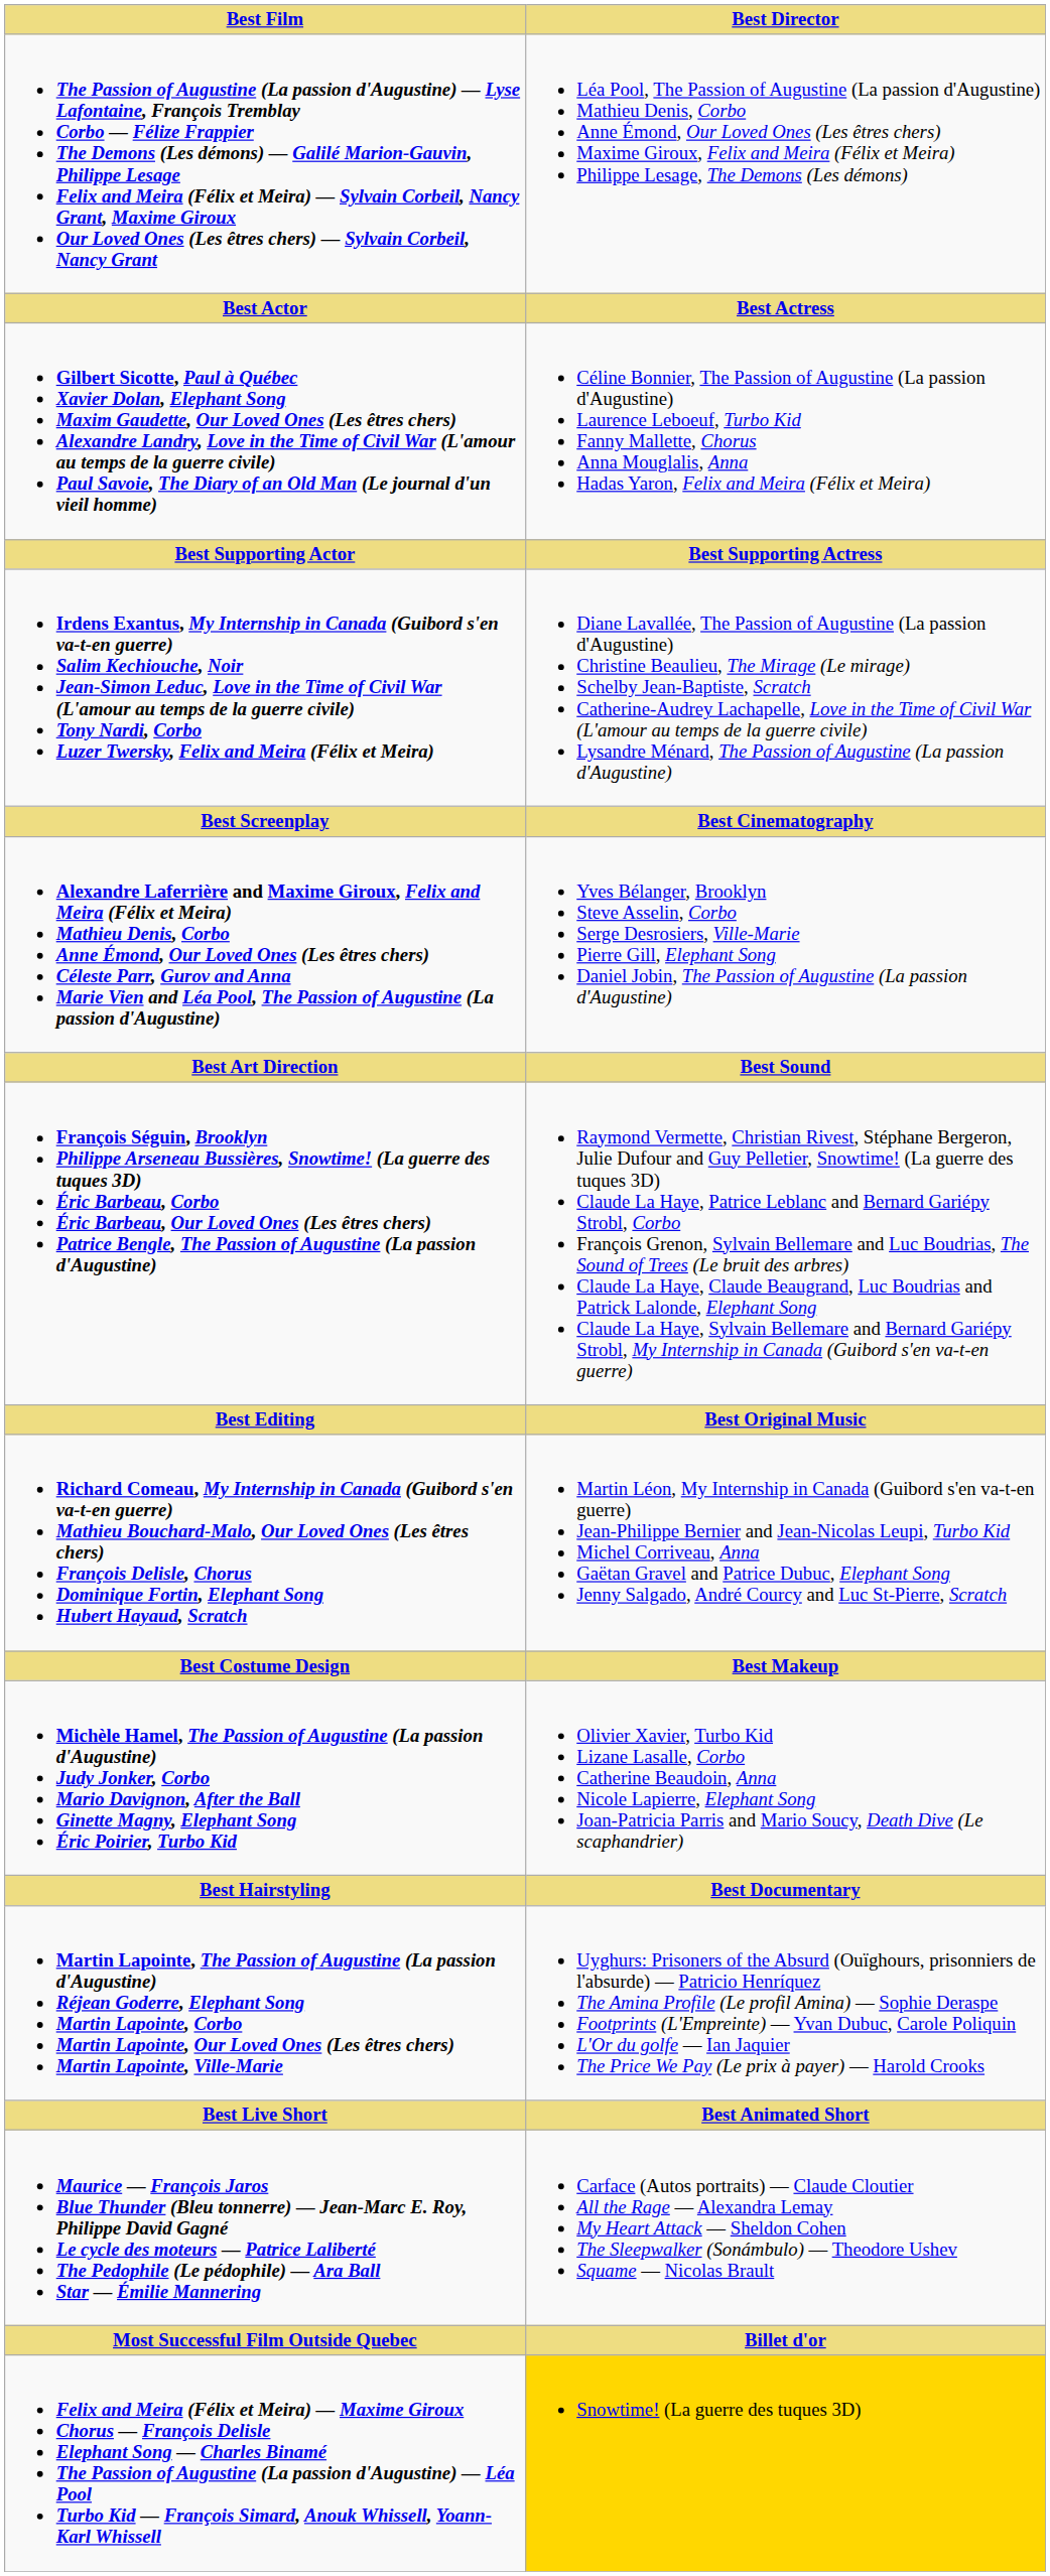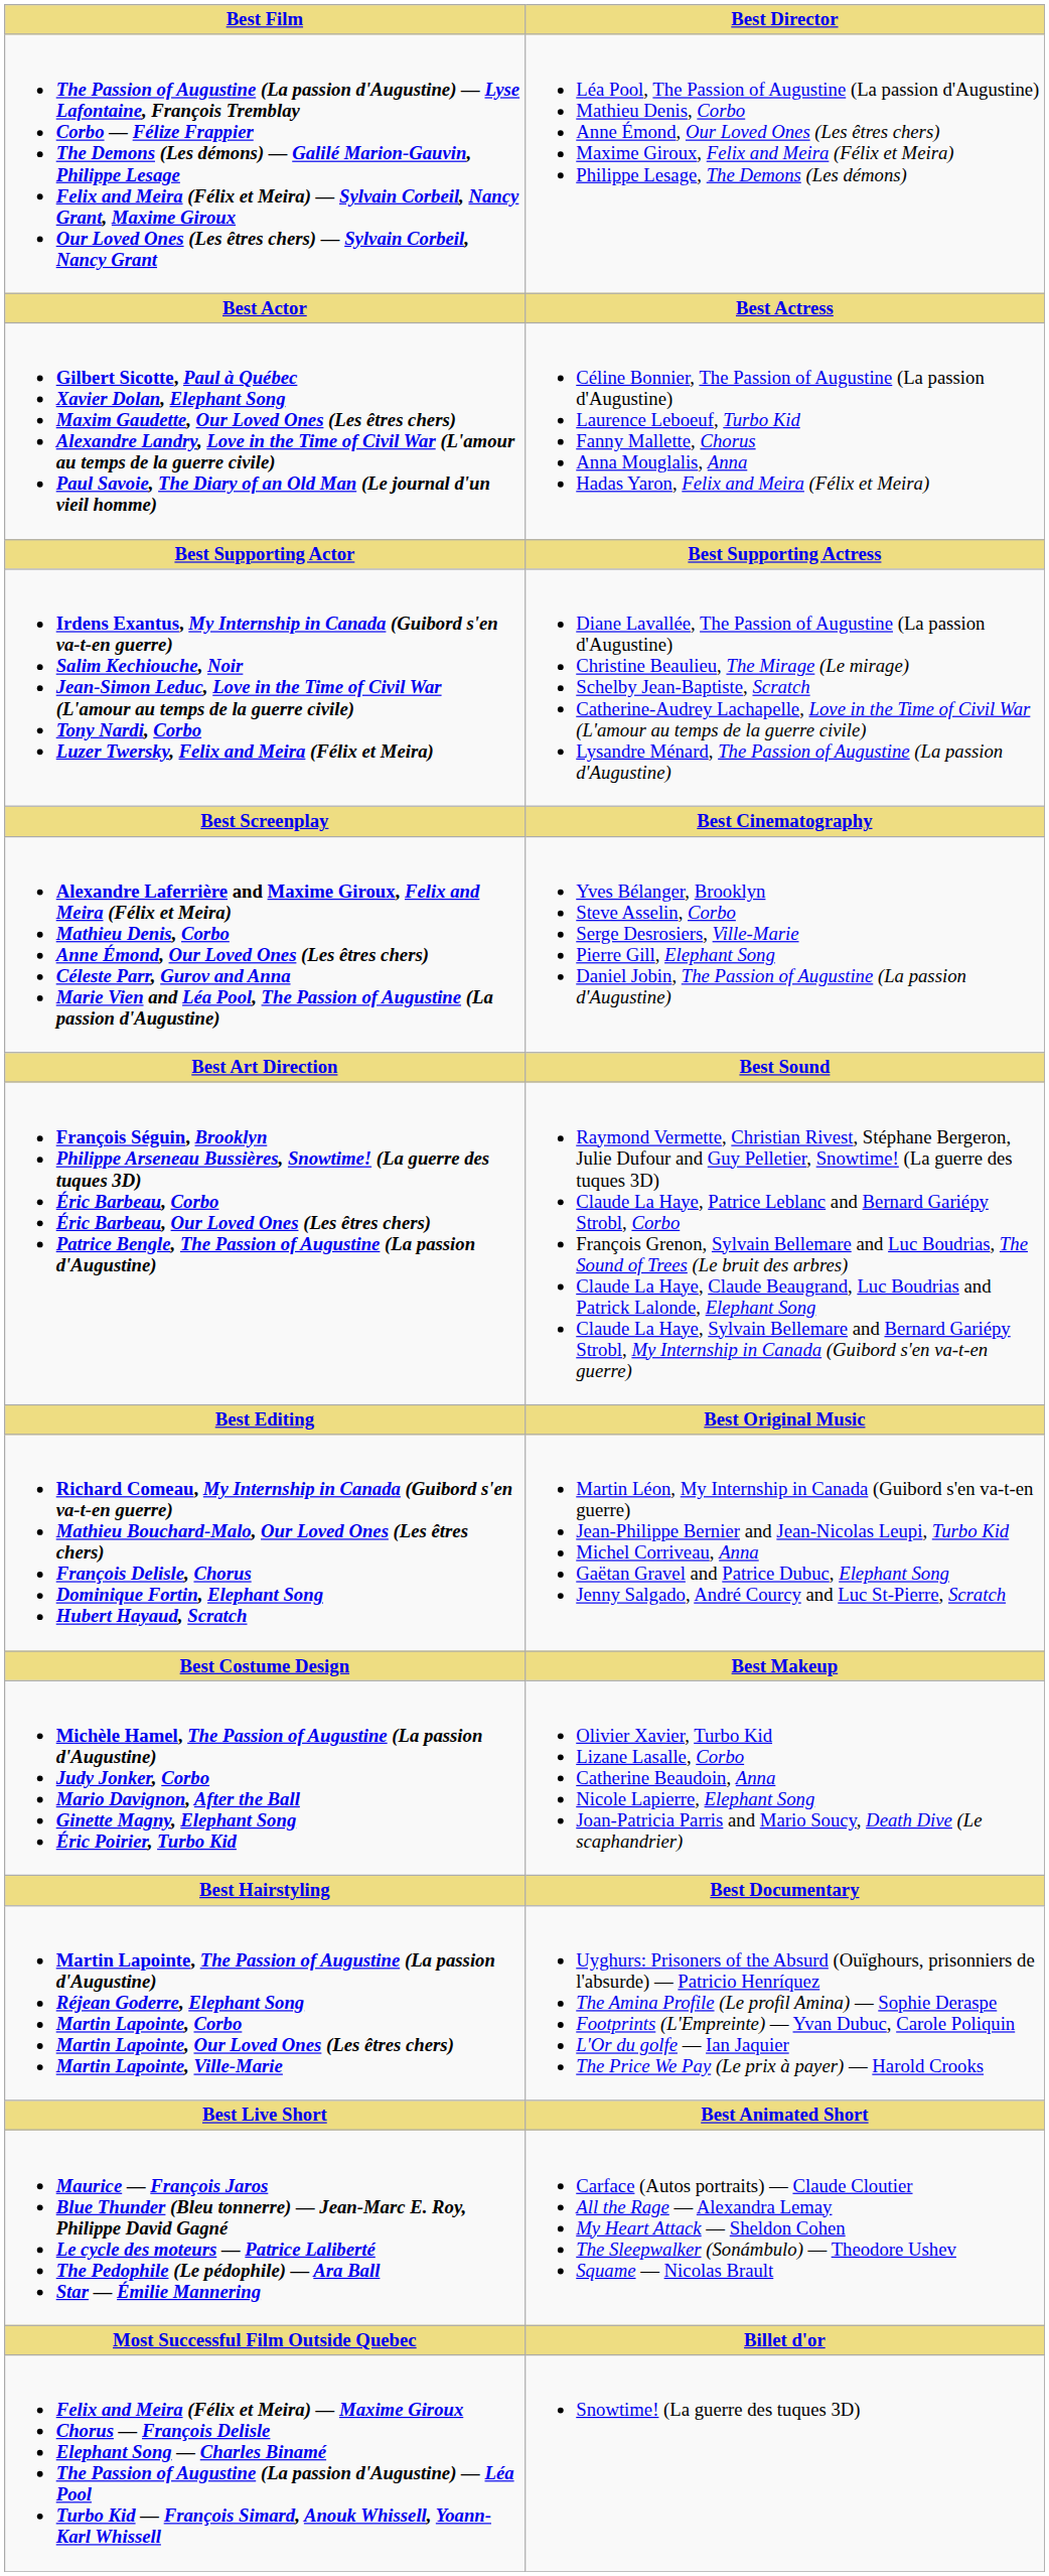 <table class=wikitable width="100%">
 <tr>
 <th style="background:#EEDD82; width:50%"><a href='#'>Best Film</a></th>
 <th style="background:#EEDD82; width:50%"><a href='#'>Best Director</a></th>
 </tr>
 <tr>
 <td valign="top"><br><ul><li> <strong><em><a href='#'>The Passion of Augustine</a> (La passion d'Augustine)<em> — <a href='#'>Lyse Lafontaine</a>, François Tremblay<strong></li><li></em><a href='#'>Corbo</a><em> — <a href='#'>Félize Frappier</a></li><li></em><a href='#'>The Demons</a> (Les démons)<em> — <a href='#'>Galilé Marion-Gauvin</a>, <a href='#'>Philippe Lesage</a></li><li></em><a href='#'>Felix and Meira</a> (Félix et Meira)<em> — <a href='#'>Sylvain Corbeil</a>, <a href='#'>Nancy Grant</a>, <a href='#'>Maxime Giroux</a></li><li></em><a href='#'>Our Loved Ones</a> (Les êtres chers)<em> — <a href='#'>Sylvain Corbeil</a>, <a href='#'>Nancy Grant</a></li></ul></td>
 <td valign="top"><br><ul><li> </strong><a href='#'>Léa Pool</a>, </em><a href='#'>The Passion of Augustine</a> (La passion d'Augustine)</em></strong></li><li><a href='#'>Mathieu Denis</a>, <em><a href='#'>Corbo</a></em></li><li><a href='#'>Anne Émond</a>, <em><a href='#'>Our Loved Ones</a> (Les êtres chers)</em></li><li><a href='#'>Maxime Giroux</a>, <em><a href='#'>Felix and Meira</a> (Félix et Meira)</em></li><li><a href='#'>Philippe Lesage</a>, <em><a href='#'>The Demons</a> (Les démons)</em></li></ul></td>
 </tr>
 <tr>
 <th style="background:#EEDD82; width:50%"><a href='#'>Best Actor</a></th>
 <th style="background:#EEDD82; width:50%"><a href='#'>Best Actress</a></th>
 </tr>
 <tr>
 <td valign="top"><br><ul><li> <strong><a href='#'>Gilbert Sicotte</a>, <em><a href='#'>Paul à Québec</a><strong><em></li><li><a href='#'>Xavier Dolan</a>, </em><a href='#'>Elephant Song</a><em></li><li><a href='#'>Maxim Gaudette</a>, </em><a href='#'>Our Loved Ones</a> (Les êtres chers)<em></li><li><a href='#'>Alexandre Landry</a>, </em><a href='#'>Love in the Time of Civil War</a> (L'amour au temps de la guerre civile)<em></li><li><a href='#'>Paul Savoie</a>, </em><a href='#'>The Diary of an Old Man</a><em> (</em>Le journal d'un vieil homme<em>)</li></ul></td>
 <td valign="top"><br><ul><li> </strong><a href='#'>Céline Bonnier</a>, </em><a href='#'>The Passion of Augustine</a> (La passion d'Augustine)</em></strong></li><li><a href='#'>Laurence Leboeuf</a>, <em><a href='#'>Turbo Kid</a></em></li><li><a href='#'>Fanny Mallette</a>, <em><a href='#'>Chorus</a></em></li><li><a href='#'>Anna Mouglalis</a>, <em><a href='#'>Anna</a></em></li><li><a href='#'>Hadas Yaron</a>, <em><a href='#'>Felix and Meira</a> (Félix et Meira)</em></li></ul></td>
 </tr>
 <tr>
 <th style="background:#EEDD82; width:50%"><a href='#'>Best Supporting Actor</a></th>
 <th style="background:#EEDD82; width:50%"><a href='#'>Best Supporting Actress</a></th>
 </tr>
 <tr>
 <td valign="top"><br><ul><li> <strong><a href='#'>Irdens Exantus</a>, <em><a href='#'>My Internship in Canada</a> (Guibord s'en va-t-en guerre)<strong><em></li><li><a href='#'>Salim Kechiouche</a>, </em><a href='#'>Noir</a><em></li><li><a href='#'>Jean-Simon Leduc</a>, </em><a href='#'>Love in the Time of Civil War</a> (L'amour au temps de la guerre civile)<em></li><li><a href='#'>Tony Nardi</a>, </em><a href='#'>Corbo</a><em></li><li><a href='#'>Luzer Twersky</a>, </em><a href='#'>Felix and Meira</a> (Félix et Meira)<em></li></ul></td>
 <td valign="top"><br><ul><li> </strong><a href='#'>Diane Lavallée</a>, </em><a href='#'>The Passion of Augustine</a> (La passion d'Augustine)</em></strong></li><li><a href='#'>Christine Beaulieu</a>, <em><a href='#'>The Mirage</a> (Le mirage)</em></li><li><a href='#'>Schelby Jean-Baptiste</a>, <em><a href='#'>Scratch</a></em></li><li><a href='#'>Catherine-Audrey Lachapelle</a>, <em><a href='#'>Love in the Time of Civil War</a> (L'amour au temps de la guerre civile)</em></li><li><a href='#'>Lysandre Ménard</a>, <em><a href='#'>The Passion of Augustine</a> (La passion d'Augustine)</em></li></ul></td>
 </tr>
 <tr>
 <th style="background:#EEDD82; width:50%"><a href='#'>Best Screenplay</a></th>
 <th style="background:#EEDD82; width:50%"><a href='#'>Best Cinematography</a></th>
 </tr>
 <tr>
 <td valign="top"><br><ul><li> <strong><a href='#'>Alexandre Laferrière</a> and <a href='#'>Maxime Giroux</a>, <em><a href='#'>Felix and Meira</a> (Félix et Meira)<strong><em></li><li><a href='#'>Mathieu Denis</a>, </em><a href='#'>Corbo</a><em></li><li><a href='#'>Anne Émond</a>, </em><a href='#'>Our Loved Ones</a> (Les êtres chers)<em></li><li><a href='#'>Céleste Parr</a>, </em><a href='#'>Gurov and Anna</a><em></li><li><a href='#'>Marie Vien</a> and <a href='#'>Léa Pool</a>, </em><a href='#'>The Passion of Augustine</a> (La passion d'Augustine)<em></li></ul></td>
 <td valign="top"><br><ul><li> </strong><a href='#'>Yves Bélanger</a>, </em><a href='#'>Brooklyn</a></em></strong></li><li><a href='#'>Steve Asselin</a>, <em><a href='#'>Corbo</a></em></li><li><a href='#'>Serge Desrosiers</a>, <em><a href='#'>Ville-Marie</a></em></li><li><a href='#'>Pierre Gill</a>, <em><a href='#'>Elephant Song</a></em></li><li><a href='#'>Daniel Jobin</a>, <em><a href='#'>The Passion of Augustine</a> (La passion d'Augustine)</em></li></ul></td>
 </tr>
 <tr>
 <th style="background:#EEDD82; width:50%"><a href='#'>Best Art Direction</a></th>
 <th style="background:#EEDD82; width:50%"><a href='#'>Best Sound</a></th>
 </tr>
 <tr>
 <td valign="top"><br><ul><li> <strong><a href='#'>François Séguin</a>, <em><a href='#'>Brooklyn</a><strong><em></li><li><a href='#'>Philippe Arseneau Bussières</a>, </em><a href='#'>Snowtime!</a> (La guerre des tuques 3D)<em></li><li><a href='#'>Éric Barbeau</a>, </em><a href='#'>Corbo</a><em></li><li><a href='#'>Éric Barbeau</a>, </em><a href='#'>Our Loved Ones</a> (Les êtres chers)<em></li><li><a href='#'>Patrice Bengle</a>, </em><a href='#'>The Passion of Augustine</a> (La passion d'Augustine)<em></li></ul></td>
 <td valign="top"><br><ul><li> </strong><a href='#'>Raymond Vermette</a>, <a href='#'>Christian Rivest</a>, Stéphane Bergeron, Julie Dufour and <a href='#'>Guy Pelletier</a>, </em><a href='#'>Snowtime!</a> (La guerre des tuques 3D)</em></strong></li><li><a href='#'>Claude La Haye</a>, <a href='#'>Patrice Leblanc</a> and <a href='#'>Bernard Gariépy Strobl</a>, <em><a href='#'>Corbo</a></em></li><li>François Grenon, <a href='#'>Sylvain Bellemare</a> and <a href='#'>Luc Boudrias</a>, <em><a href='#'>The Sound of Trees</a> (Le bruit des arbres)</em></li><li><a href='#'>Claude La Haye</a>, <a href='#'>Claude Beaugrand</a>, <a href='#'>Luc Boudrias</a> and <a href='#'>Patrick Lalonde</a>, <em><a href='#'>Elephant Song</a></em></li><li><a href='#'>Claude La Haye</a>, <a href='#'>Sylvain Bellemare</a> and <a href='#'>Bernard Gariépy Strobl</a>, <em><a href='#'>My Internship in Canada</a> (Guibord s'en va-t-en guerre)</em></li></ul></td>
 </tr>
 <tr>
 <th style="background:#EEDD82; width:50%"><a href='#'>Best Editing</a></th>
 <th style="background:#EEDD82; width:50%"><a href='#'>Best Original Music</a></th>
 </tr>
 <tr>
 <td valign="top"><br><ul><li> <strong><a href='#'>Richard Comeau</a>, <em><a href='#'>My Internship in Canada</a> (Guibord s'en va-t-en guerre)<strong><em></li><li><a href='#'>Mathieu Bouchard-Malo</a>, </em><a href='#'>Our Loved Ones</a> (Les êtres chers)<em></li><li><a href='#'>François Delisle</a>, </em><a href='#'>Chorus</a><em></li><li><a href='#'>Dominique Fortin</a>, </em><a href='#'>Elephant Song</a><em></li><li><a href='#'>Hubert Hayaud</a>, </em><a href='#'>Scratch</a><em></li></ul></td>
 <td valign="top"><br><ul><li> </strong><a href='#'>Martin Léon</a>, </em><a href='#'>My Internship in Canada</a> (Guibord s'en va-t-en guerre)</em></strong></li><li><a href='#'>Jean-Philippe Bernier</a> and <a href='#'>Jean-Nicolas Leupi</a>, <em><a href='#'>Turbo Kid</a></em></li><li><a href='#'>Michel Corriveau</a>, <em><a href='#'>Anna</a></em></li><li><a href='#'>Gaëtan Gravel</a> and <a href='#'>Patrice Dubuc</a>, <em><a href='#'>Elephant Song</a></em></li><li><a href='#'>Jenny Salgado</a>, <a href='#'>André Courcy</a> and <a href='#'>Luc St-Pierre</a>, <em><a href='#'>Scratch</a></em></li></ul></td>
 </tr>
 <tr>
 <th style="background:#EEDD82; width:50%"><a href='#'>Best Costume Design</a></th>
 <th style="background:#EEDD82; width:50%"><a href='#'>Best Makeup</a></th>
 </tr>
 <tr>
 <td valign="top"><br><ul><li> <strong><a href='#'>Michèle Hamel</a>, <em><a href='#'>The Passion of Augustine</a> (La passion d'Augustine)<strong><em></li><li><a href='#'>Judy Jonker</a>, </em><a href='#'>Corbo</a><em></li><li><a href='#'>Mario Davignon</a>, </em><a href='#'>After the Ball</a><em></li><li><a href='#'>Ginette Magny</a>, </em><a href='#'>Elephant Song</a><em></li><li><a href='#'>Éric Poirier</a>, </em><a href='#'>Turbo Kid</a><em></li></ul></td>
 <td valign="top"><br><ul><li> </strong><a href='#'>Olivier Xavier</a>, </em><a href='#'>Turbo Kid</a></em></strong></li><li><a href='#'>Lizane Lasalle</a>, <em><a href='#'>Corbo</a></em></li><li><a href='#'>Catherine Beaudoin</a>, <em><a href='#'>Anna</a></em></li><li><a href='#'>Nicole Lapierre</a>, <em><a href='#'>Elephant Song</a></em></li><li><a href='#'>Joan-Patricia Parris</a> and <a href='#'>Mario Soucy</a>, <em><a href='#'>Death Dive</a> (Le scaphandrier)</em></li></ul></td>
 </tr>
 <tr>
 <th style="background:#EEDD82; width:50%"><a href='#'>Best Hairstyling</a></th>
 <th style="background:#EEDD82; width:50%"><a href='#'>Best Documentary</a></th>
 </tr>
 <tr>
 <td valign="top"><br><ul><li> <strong><a href='#'>Martin Lapointe</a>, <em><a href='#'>The Passion of Augustine</a> (La passion d'Augustine)<strong><em></li><li><a href='#'>Réjean Goderre</a>, </em><a href='#'>Elephant Song</a><em></li><li><a href='#'>Martin Lapointe</a>, </em><a href='#'>Corbo</a><em></li><li><a href='#'>Martin Lapointe</a>, </em><a href='#'>Our Loved Ones</a> (Les êtres chers)<em></li><li><a href='#'>Martin Lapointe</a>, </em><a href='#'>Ville-Marie</a><em></li></ul></td>
 <td valign="top"><br><ul><li> </em></strong><a href='#'>Uyghurs: Prisoners of the Absurd</a> (Ouïghours, prisonniers de l'absurde)</em> — <a href='#'>Patricio Henríquez</a></strong></li><li><em><a href='#'>The Amina Profile</a> (Le profil Amina)</em> — <a href='#'>Sophie Deraspe</a></li><li><em><a href='#'>Footprints</a> (L'Empreinte)</em> — <a href='#'>Yvan Dubuc</a>, <a href='#'>Carole Poliquin</a></li><li><em><a href='#'>L'Or du golfe</a></em> — <a href='#'>Ian Jaquier</a></li><li><em><a href='#'>The Price We Pay</a> (Le prix à payer)</em> — <a href='#'>Harold Crooks</a></li></ul></td>
 </tr>
 <tr>
 <th style="background:#EEDD82; width:50%"><a href='#'>Best Live Short</a></th>
 <th style="background:#EEDD82; width:50%"><a href='#'>Best Animated Short</a></th>
 </tr>
 <tr>
 <td valign="top"><br><ul><li> <strong><em><a href='#'>Maurice</a><em> — <a href='#'>François Jaros</a><strong></li><li></em><a href='#'>Blue Thunder</a> (Bleu tonnerre)<em> — Jean-Marc E. Roy, Philippe David Gagné</li><li></em><a href='#'>Le cycle des moteurs</a><em> — <a href='#'>Patrice Laliberté</a></li><li></em><a href='#'>The Pedophile</a> (Le pédophile)<em> — <a href='#'>Ara Ball</a></li><li></em><a href='#'>Star</a><em> — <a href='#'>Émilie Mannering</a></li></ul></td>
 <td valign="top"><br><ul><li> </em></strong><a href='#'>Carface</a> (Autos portraits)</em> — <a href='#'>Claude Cloutier</a></strong></li><li><em><a href='#'>All the Rage</a></em> — <a href='#'>Alexandra Lemay</a></li><li><em><a href='#'>My Heart Attack</a></em> — <a href='#'>Sheldon Cohen</a></li><li><em><a href='#'>The Sleepwalker</a> (Sonámbulo)</em> — <a href='#'>Theodore Ushev</a></li><li><em><a href='#'>Squame</a></em> — <a href='#'>Nicolas Brault</a></li></ul></td>
 </tr>
 <tr>
 <th style="background:#EEDD82; width:50%"><a href='#'>Most Successful Film Outside Quebec</a></th>
 <th style="background:#EEDD82; width:50%"><a href='#'>Billet d'or</a></th>
 </tr>
 <tr>
 <td valign="top"><br><ul><li> <strong><em><a href='#'>Felix and Meira</a> (Félix et Meira)<em> — <a href='#'>Maxime Giroux</a><strong></li><li></em><a href='#'>Chorus</a><em> — <a href='#'>François Delisle</a></li><li></em><a href='#'>Elephant Song</a><em> — <a href='#'>Charles Binamé</a></li><li></em><a href='#'>The Passion of Augustine</a> (La passion d'Augustine)<em> — <a href='#'>Léa Pool</a></li><li></em><a href='#'>Turbo Kid</a><em> — <a href='#'>François Simard</a>, <a href='#'>Anouk Whissell</a>, <a href='#'>Yoann-Karl Whissell</a></li></ul></td>
-<td valign="top" style="background: gold;"><br><ul><li> </em></strong><a href='#'>Snowtime!</a> (La guerre des tuques 3D)<strong><em></li></ul></td>
+<td valign="top"><br><ul><li> </em></strong><a href='#'>Snowtime!</a> (La guerre des tuques 3D)<strong><em></li></ul></td>
 </tr>
 </table>
